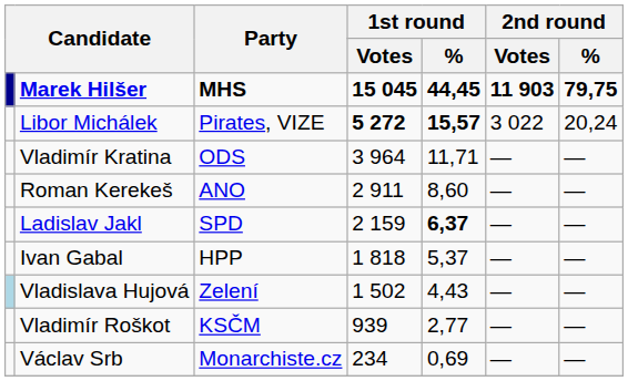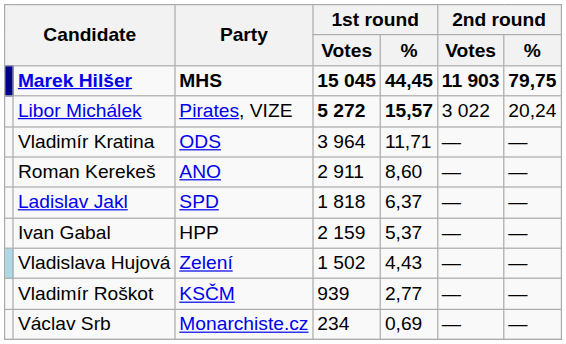 <table class="wikitable sortable">
 <tr>
 <th colspan="2" rowspan="2">Candidate</th>
 <th rowspan="2">Party</th>
 <th colspan="2">1st round</th>
 <th colspan="2">2nd round</th>
 </tr>
 <tr>
 <th>Votes</th>
 <th>%</th>
 <th>Votes</th>
 <th>%</th>
 </tr>
 <tr>
 <td style="background-color:darkblue"></td>
 <td><strong><a href='#'>Marek Hilšer</a></strong></td>
 <td><strong>MHS</strong></td>
 <td><strong>15 045</strong></td>
 <td><strong>44,45</strong></td>
 <td><strong>11 903</strong></td>
 <td><strong>79,75</strong></td>
 </tr>
 <tr>
 <td style="background-color:"></td>
 <td><a href='#'>Libor Michálek</a></td>
 <td><a href='#'>Pirates</a>, VIZE</td>
 <td><strong>5 272</strong></td>
 <td><strong>15,57</strong></td>
 <td>3 022</td>
 <td>20,24</td>
 </tr>
 <tr>
 <td style="background-color:"></td>
 <td>Vladimír Kratina</td>
 <td><a href='#'>ODS</a></td>
 <td>3 964</td>
 <td>11,71</td>
 <td>—</td>
 <td>—</td>
 </tr>
 <tr>
 <td style="background-color:"></td>
 <td>Roman Kerekeš</td>
 <td><a href='#'>ANO</a></td>
 <td>2 911</td>
 <td>8,60</td>
 <td>—</td>
 <td>—</td>
 </tr>
 <tr>
 <td style="background-color:"></td>
 <td><a href='#'>Ladislav Jakl</a></td>
 <td><a href='#'>SPD</a></td>
-<td>2 159</td>
-<td><strong>6,37</strong></td>
+<td>1 818</td>
+<td>6,37</td>
 <td>—</td>
 <td>—</td>
 </tr>
 <tr>
 <td style="background-color:"></td>
 <td>Ivan Gabal</td>
 <td>HPP</td>
-<td>1 818</td>
+<td>2 159</td>
 <td>5,37</td>
 <td>—</td>
 <td>—</td>
 </tr>
 <tr>
 <td style="background-color:lightblue"></td>
 <td>Vladislava Hujová</td>
 <td><a href='#'>Zelení</a></td>
 <td>1 502</td>
 <td>4,43</td>
 <td>—</td>
 <td>—</td>
 </tr>
 <tr>
 <td style="background-color:"></td>
 <td>Vladimír Roškot</td>
 <td><a href='#'>KSČM</a></td>
 <td>939</td>
 <td>2,77</td>
 <td>—</td>
 <td>—</td>
 </tr>
 <tr>
 <td style="background-color:"></td>
 <td>Václav Srb</td>
 <td><a href='#'>Monarchiste.cz</a></td>
 <td>234</td>
 <td>0,69</td>
 <td>—</td>
 <td>—</td>
 </tr>
 <tr>
 </tr>
 </table>
